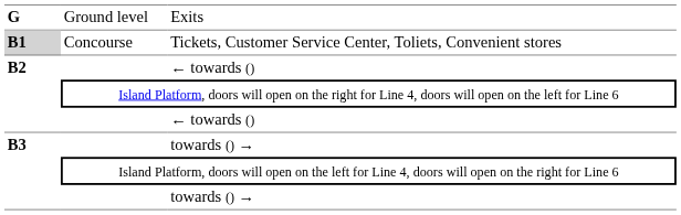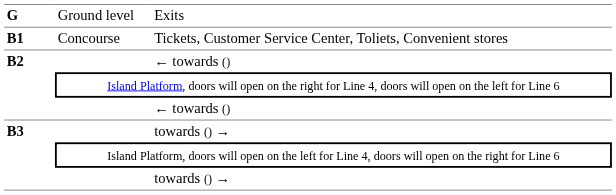 <table style="border-spacing:0;">
 <tr>
 <td style="border-bottom:solid 1px gray;border-top:solid 1px gray;width:50px;vertical-align:top;padding:3px;"><strong>G</strong></td>
 <td style="border-top:solid 1px gray;border-bottom:solid 1px gray;width:100px;vertical-align:top;padding:3px;">Ground level</td>
 <td style="border-top:solid 1px gray;border-bottom:solid 1px gray;width:500px;vertical-align:top;padding:3px;">Exits</td>
 </tr>
 <tr>
-<td style="background: lightgrey; border-bottom:solid 1px gray;vertical-align:top;padding:3px;"><strong>B1</strong></td>
+<td style="border-bottom:solid 1px gray;vertical-align:top;padding:3px;"><strong>B1</strong></td>
 <td style="border-bottom:solid 1px gray;vertical-align:top;padding:3px;">Concourse</td>
 <td style="border-bottom:solid 1px gray;padding:3px;">Tickets, Customer Service Center, Toliets, Convenient stores</td>
 </tr>
 <tr>
 <td style="border-bottom:solid 1px gray;vertical-align:top;padding:3px;" rowspan=3><strong>B2</strong></td>
 <td style="padding:3px;"></td>
 <td style="padding:3px;">←  towards  <small> ()</small></td>
 </tr>
 <tr>
 <td style="border-right:solid 2px black;border-left:solid 2px black;border-top:solid 2px black;border-bottom:solid 2px black;text-align:center;padding:3px;" colspan=3><small><a href='#'>Island Platform</a>, doors will open on the right for Line 4, doors will open on the left for Line 6</small></td>
 </tr>
 <tr>
 <td style="border-bottom:solid 1px gray;padding:3px;"></td>
 <td style="border-bottom:solid 1px gray;padding:3px;">←  towards  <small> ()</small></td>
 </tr>
 <tr>
 <td style="border-bottom:solid 1px gray;vertical-align:top;padding:3px;" rowspan=3><strong>B3</strong></td>
 <td style="padding:3px;"></td>
 <td style="padding:3px;">  towards  <small> ()</small> →</td>
 </tr>
 <tr>
 <td style="border-right:solid 2px black;border-left:solid 2px black;border-top:solid 2px black;border-bottom:solid 2px black;text-align:center;padding:3px;" colspan=3><small>Island Platform, doors will open on the left for Line 4, doors will open on the right for Line 6</small></td>
 </tr>
 <tr>
 <td style="border-bottom:solid 1px gray;padding:3px;"></td>
 <td style="border-bottom:solid 1px gray;padding:3px;">  towards  <small> ()</small> →</td>
 </tr>
 </table>
